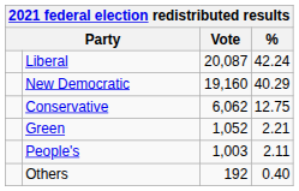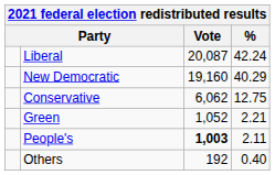 <table class="wikitable">
 <tr>
 <th colspan="4"><a href='#'>2021 federal election</a> redistributed results</th>
 </tr>
 <tr>
 <th bgcolor="#DDDDFF" width="130px" colspan="2">Party</th>
 <th bgcolor="#DDDDFF" width="50px">Vote</th>
 <th bgcolor="#DDDDFF" width="30px">%</th>
 </tr>
 <tr>
 <td> </td>
 <td><a href='#'>Liberal</a></td>
 <td align=right>20,087</td>
 <td align=right>42.24</td>
 </tr>
 <tr>
 <td> </td>
 <td><a href='#'>New Democratic</a></td>
 <td align=right>19,160</td>
 <td align=right>40.29</td>
 </tr>
 <tr>
 <td> </td>
 <td><a href='#'>Conservative</a></td>
 <td align=right>6,062</td>
 <td align=right>12.75</td>
 </tr>
 <tr>
 <td> </td>
 <td><a href='#'>Green</a></td>
 <td align=right>1,052</td>
 <td align=right>2.21</td>
 </tr>
 <tr>
 <td> </td>
 <td><a href='#'>People's</a></td>
-<td align=right>1,003</td>
+<td align=right><strong>1,003</strong></td>
 <td align=right>2.11</td>
 </tr>
 <tr>
 <td> </td>
 <td>Others</td>
 <td align=right>192</td>
 <td align=right>0.40</td>
 </tr>
 </table>
